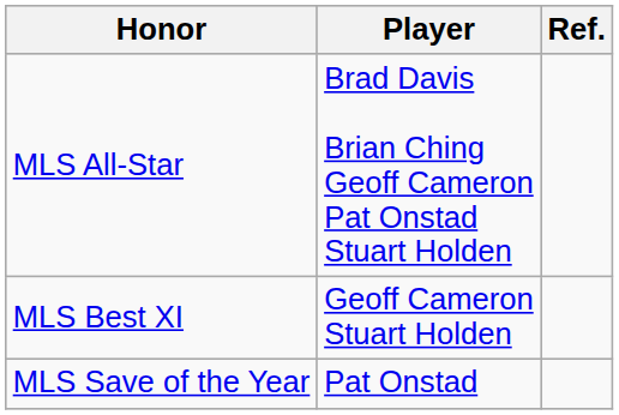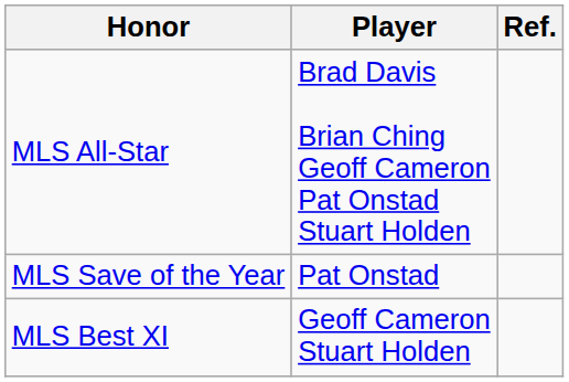 <table class="wikitable">
 <tr>
 <th>Honor</th>
 <th>Player</th>
 <th>Ref.</th>
 </tr>
 <tr>
 <td><a href='#'>MLS All-Star</a></td>
 <td> <a href='#'>Brad Davis</a><br><br> <a href='#'>Brian Ching</a><br>  <a href='#'>Geoff Cameron</a><br>  <a href='#'>Pat Onstad</a><br>  <a href='#'>Stuart Holden</a></td>
 <td></td>
 </tr>
 <tr>
+<td><a href='#'>MLS Save of the Year</a></td>
+<td> <a href='#'>Pat Onstad</a></td>
+<td></td>
+</tr>
+<tr>
 <td><a href='#'>MLS Best XI</a></td>
 <td> <a href='#'>Geoff Cameron</a><br> <a href='#'>Stuart Holden</a></td>
 <td></td>
 </tr>
-<tr>
-<td><a href='#'>MLS Save of the Year</a></td>
-<td> <a href='#'>Pat Onstad</a></td>
-<td></td>
-</tr>
 </table>
